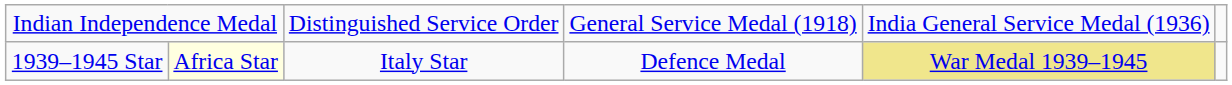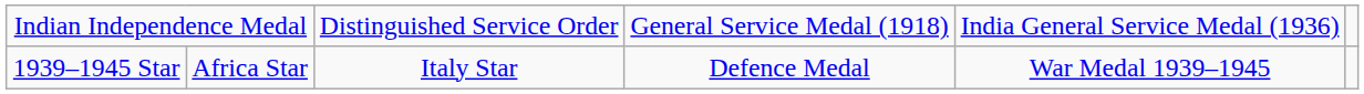 <table class="wikitable" style="margin:1em auto; text-align:center;">
 <tr>
 <td colspan="2"><a href='#'>Indian Independence Medal</a></td>
 <td><a href='#'>Distinguished Service Order</a></td>
 <td><a href='#'>General Service Medal (1918)</a></td>
 <td><a href='#'>India General Service Medal (1936)</a></td>
 </tr>
 <tr>
 <td><a href='#'>1939–1945 Star</a></td>
-<td style="background: lightyellow;"><a href='#'>Africa Star</a></td>
+<td><a href='#'>Africa Star</a></td>
 <td><a href='#'>Italy Star</a></td>
 <td><a href='#'>Defence Medal</a></td>
-<td style="background: khaki;"><a href='#'>War Medal 1939–1945</a></td>
+<td><a href='#'>War Medal 1939–1945</a></td>
 <td></td>
 </tr>
 </table>
